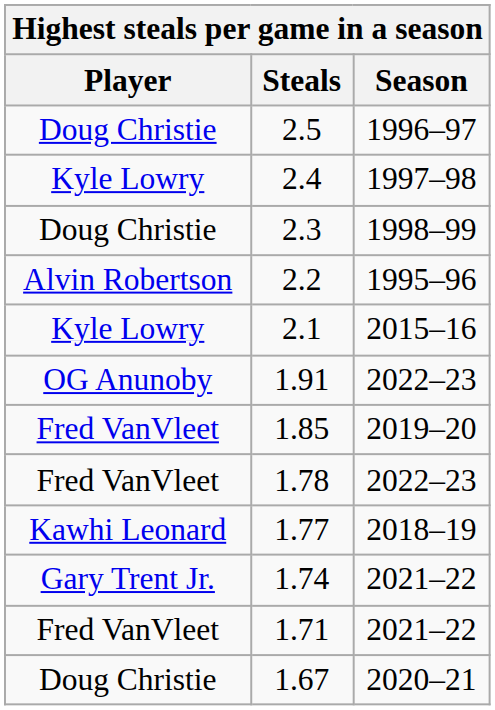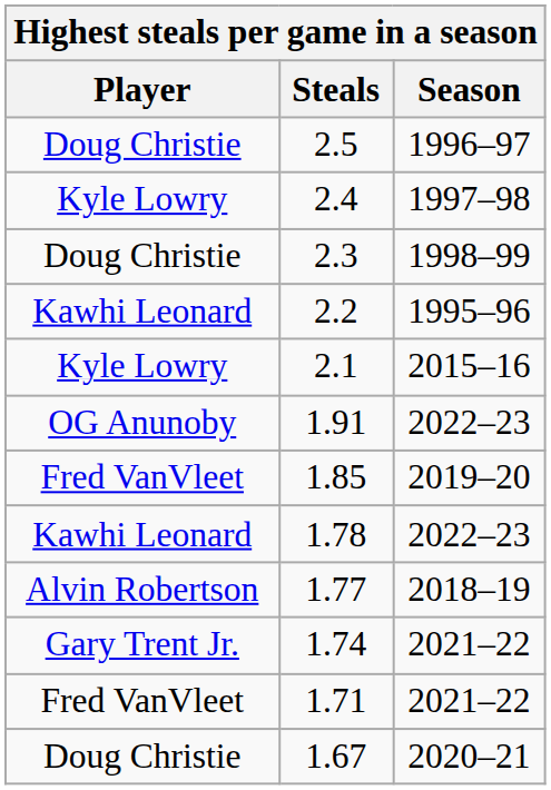 <table class="wikitable" style="text-align:center">
 <tr>
 <th colspan="3">Highest steals per game in a season</th>
 </tr>
 <tr>
 <th>Player</th>
 <th>Steals</th>
 <th>Season</th>
 </tr>
 <tr>
 <td><a href='#'>Doug Christie</a></td>
 <td>2.5</td>
 <td>1996–97</td>
 </tr>
 <tr>
 <td><a href='#'>Kyle Lowry</a></td>
 <td>2.4</td>
 <td>1997–98</td>
 </tr>
 <tr>
 <td>Doug Christie</td>
 <td>2.3</td>
 <td>1998–99</td>
 </tr>
 <tr>
-<td><a href='#'>Alvin Robertson</a></td>
+<td><a href='#'>Kawhi Leonard</a></td>
 <td>2.2</td>
 <td>1995–96</td>
 </tr>
 <tr>
 <td><a href='#'>Kyle Lowry</a></td>
 <td>2.1</td>
 <td>2015–16</td>
 </tr>
 <tr>
 <td><a href='#'>OG Anunoby</a></td>
 <td>1.91</td>
 <td>2022–23</td>
 </tr>
 <tr>
 <td><a href='#'>Fred VanVleet</a></td>
 <td>1.85</td>
 <td>2019–20</td>
 </tr>
 <tr>
-<td>Fred VanVleet</td>
+<td><a href='#'>Kawhi Leonard</a></td>
 <td>1.78</td>
 <td>2022–23</td>
 </tr>
 <tr>
-<td><a href='#'>Kawhi Leonard</a></td>
+<td><a href='#'>Alvin Robertson</a></td>
 <td>1.77</td>
 <td>2018–19</td>
 </tr>
 <tr>
 <td><a href='#'>Gary Trent Jr.</a></td>
 <td>1.74</td>
 <td>2021–22</td>
 </tr>
 <tr>
 <td>Fred VanVleet</td>
 <td>1.71</td>
 <td>2021–22</td>
 </tr>
 <tr>
 <td>Doug Christie</td>
 <td>1.67</td>
 <td>2020–21</td>
 </tr>
 </table>
